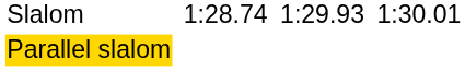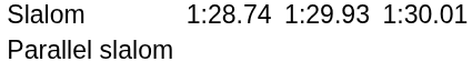 <table>
 <tr>
 <td>Slalom</td>
 <td></td>
 <td>1:28.74</td>
 <td></td>
 <td>1:29.93</td>
 <td></td>
 <td>1:30.01</td>
 </tr>
 <tr>
-<td style="background: gold;">Parallel slalom</td>
+<td>Parallel slalom</td>
 <td colspan=2></td>
 <td colspan=2></td>
 <td colspan=2></td>
 </tr>
 </table>
